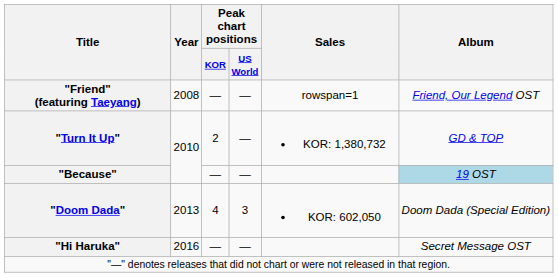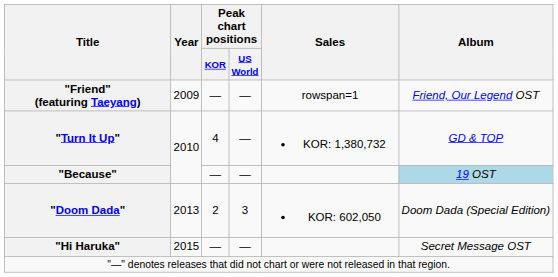 <table class="wikitable plainrowheaders" style="text-align:center;" border="1">
 <tr>
 <th scope="col" rowspan="2" style="width:14em;">Title</th>
 <th scope="col" rowspan="2">Year</th>
 <th scope="col" colspan="2">Peak chart positions</th>
 <th scope="col" rowspan="2" style="width:11.5em;">Sales</th>
 <th scope="col" rowspan="2">Album</th>
 </tr>
 <tr>
 <th width=30><small><a href='#'>KOR</a><br></small></th>
 <th width=30><small><a href='#'>US World</a></small><br></th>
 </tr>
 <tr>
 <th scope=row>"Friend"<br><span>(featuring <a href='#'>Taeyang</a>)</span></th>
-<td>2008</td>
+<td>2009</td>
 <td>—</td>
 <td>—</td>
 <td>rowspan=1 </td>
 <td><em><a href='#'>Friend, Our Legend</a> OST</em></td>
 </tr>
 <tr>
 <th scope=row>"<a href='#'>Turn It Up</a>"</th>
 <td rowspan=2>2010</td>
-<td>2</td>
+<td>4</td>
 <td>—</td>
 <td><br><ul><li>KOR: 1,380,732</li></ul></td>
 <td><em><a href='#'>GD & TOP</a></em></td>
 </tr>
 <tr>
 <th scope=row>"Because"</th>
 <td>—</td>
 <td>—</td>
 <td></td>
 <td style="background: lightblue;"><em><a href='#'>19</a> OST</em></td>
 </tr>
 <tr>
 <th scope=row>"<a href='#'>Doom Dada</a>"</th>
 <td>2013</td>
-<td>4</td>
+<td>2</td>
 <td>3</td>
 <td><br><ul><li>KOR: 602,050</li></ul></td>
 <td><em>Doom Dada (Special Edition)</em></td>
 </tr>
 <tr>
 <th scope=row>"Hi Haruka"</th>
-<td>2016</td>
+<td>2015</td>
 <td>—</td>
 <td>—</td>
 <td></td>
 <td><em>Secret Message OST</em></td>
 </tr>
 <tr>
 <td colspan=6 style=font-size:90%>"—" denotes releases that did not chart or were not released in that region.</td>
 </tr>
 </table>
